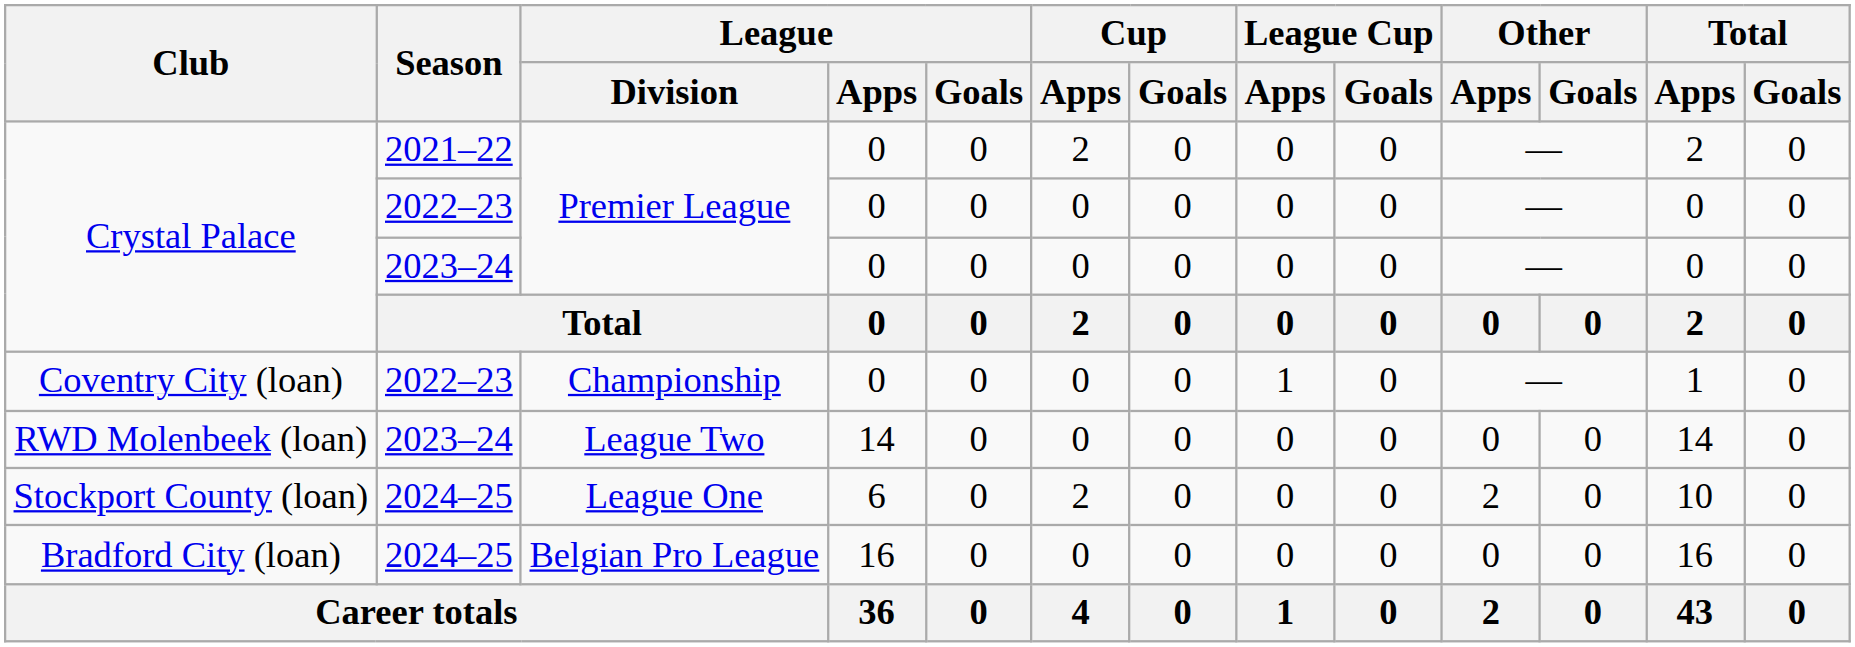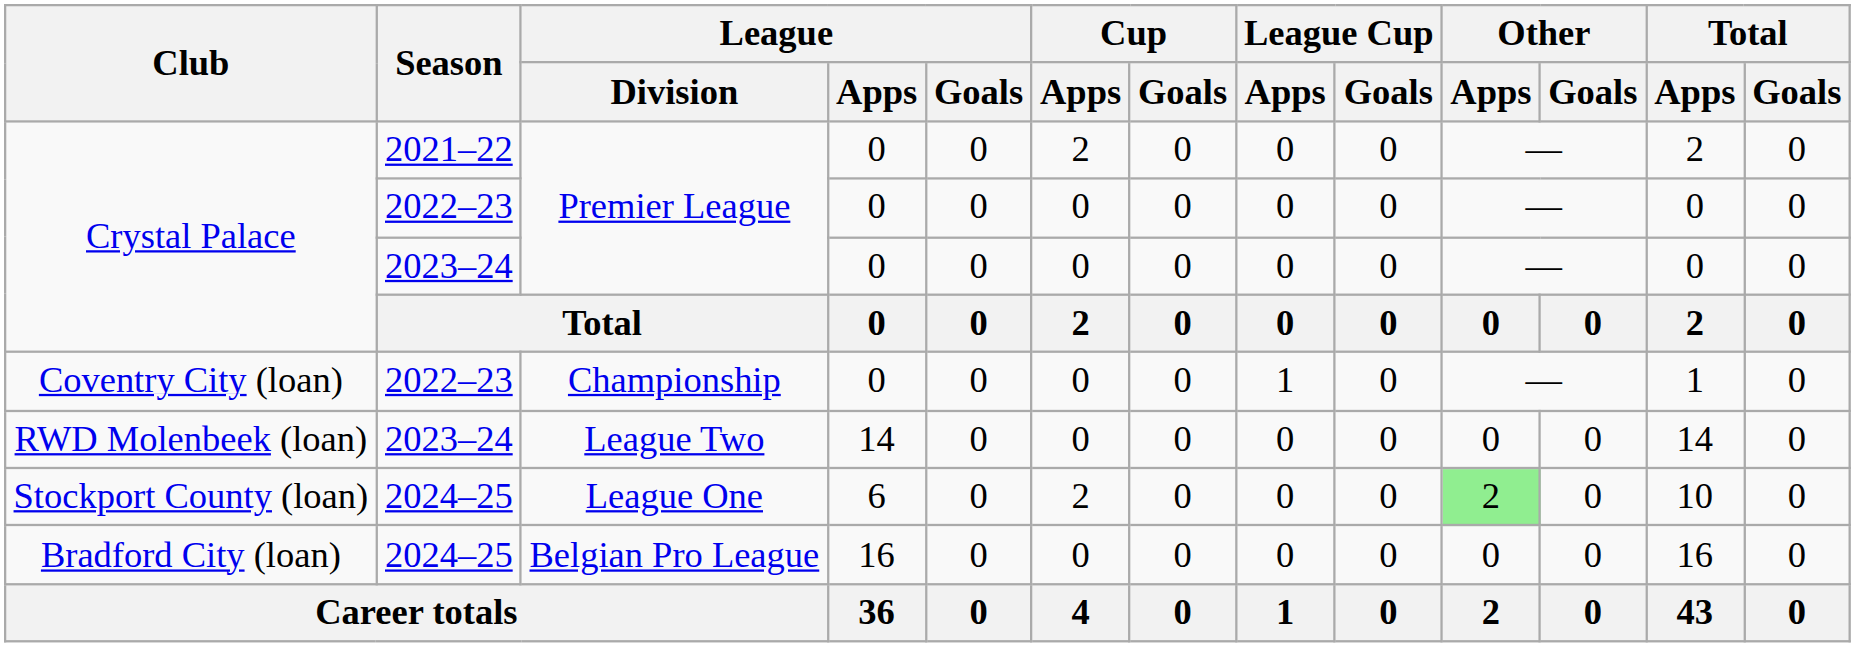 <table class="wikitable" style="text-align:center">
 <tr>
 <th rowspan="2">Club</th>
 <th rowspan="2">Season</th>
 <th colspan="3">League</th>
 <th colspan="2">Cup</th>
 <th colspan="2">League Cup</th>
 <th colspan="2">Other</th>
 <th colspan="2">Total</th>
 </tr>
 <tr>
 <th>Division</th>
 <th>Apps</th>
 <th>Goals</th>
 <th>Apps</th>
 <th>Goals</th>
 <th>Apps</th>
 <th>Goals</th>
 <th>Apps</th>
 <th>Goals</th>
 <th>Apps</th>
 <th>Goals</th>
 </tr>
 <tr>
 <td rowspan="4"><a href='#'>Crystal Palace</a></td>
 <td><a href='#'>2021–22</a></td>
 <td rowspan="3"><a href='#'>Premier League</a></td>
 <td>0</td>
 <td>0</td>
 <td>2</td>
 <td>0</td>
 <td>0</td>
 <td>0</td>
 <td colspan="2">—</td>
 <td>2</td>
 <td>0</td>
 </tr>
 <tr>
 <td><a href='#'>2022–23</a></td>
 <td>0</td>
 <td>0</td>
 <td>0</td>
 <td>0</td>
 <td>0</td>
 <td>0</td>
 <td colspan="2">—</td>
 <td>0</td>
 <td>0</td>
 </tr>
 <tr>
 <td><a href='#'>2023–24</a></td>
 <td>0</td>
 <td>0</td>
 <td>0</td>
 <td>0</td>
 <td>0</td>
 <td>0</td>
 <td colspan="2">—</td>
 <td>0</td>
 <td>0</td>
 </tr>
 <tr>
 <th colspan="2">Total</th>
 <th>0</th>
 <th>0</th>
 <th>2</th>
 <th>0</th>
 <th>0</th>
 <th>0</th>
 <th>0</th>
 <th>0</th>
 <th>2</th>
 <th>0</th>
 </tr>
 <tr>
 <td><a href='#'>Coventry City</a> (loan)</td>
 <td><a href='#'>2022–23</a></td>
 <td><a href='#'>Championship</a></td>
 <td>0</td>
 <td>0</td>
 <td>0</td>
 <td>0</td>
 <td>1</td>
 <td>0</td>
 <td colspan="2">—</td>
 <td>1</td>
 <td>0</td>
 </tr>
 <tr>
 <td><a href='#'>RWD Molenbeek</a> (loan)</td>
 <td><a href='#'>2023–24</a></td>
 <td><a href='#'>League Two</a></td>
 <td>14</td>
 <td>0</td>
 <td>0</td>
 <td>0</td>
 <td>0</td>
 <td>0</td>
 <td>0</td>
 <td>0</td>
 <td>14</td>
 <td>0</td>
 </tr>
 <tr>
 <td><a href='#'>Stockport County</a> (loan)</td>
 <td><a href='#'>2024–25</a></td>
 <td><a href='#'>League One</a></td>
 <td>6</td>
 <td>0</td>
 <td>2</td>
 <td>0</td>
 <td>0</td>
 <td>0</td>
-<td>2</td>
+<td style="background: lightgreen;">2</td>
 <td>0</td>
 <td>10</td>
 <td>0</td>
 </tr>
 <tr>
 <td><a href='#'>Bradford City</a> (loan)</td>
 <td><a href='#'>2024–25</a></td>
 <td><a href='#'>Belgian Pro League</a></td>
 <td>16</td>
 <td>0</td>
 <td>0</td>
 <td>0</td>
 <td>0</td>
 <td>0</td>
 <td>0</td>
 <td>0</td>
 <td>16</td>
 <td>0</td>
 </tr>
 <tr>
 <th colspan=3>Career totals</th>
 <th>36</th>
 <th>0</th>
 <th>4</th>
 <th>0</th>
 <th>1</th>
 <th>0</th>
 <th>2</th>
 <th>0</th>
 <th>43</th>
 <th>0</th>
 </tr>
 </table>
